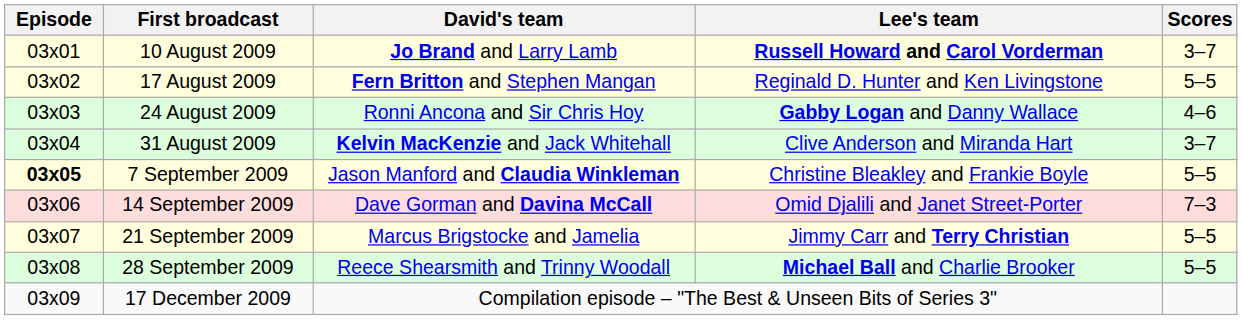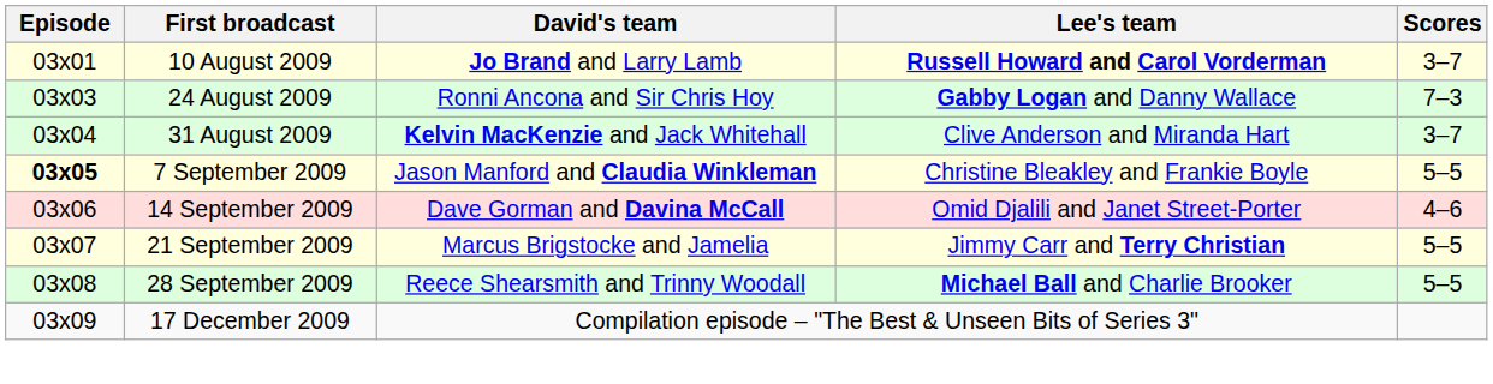 <table class="wikitable"  style="width:80%; left:0 auto; text-align:center;">
 <tr>
 <th style="width:8%;">Episode</th>
 <th style="width:17%;">First broadcast</th>
 <th style="width:31%;">David's team</th>
 <th style="width:38%;">Lee's team</th>
 <th style="width:6%;">Scores</th>
 </tr>
 <tr style="background:#ffd;">
 <td>03x01</td>
 <td>10 August 2009</td>
 <td><strong><a href='#'>Jo Brand</a></strong> and <a href='#'>Larry Lamb</a></td>
 <td><strong><a href='#'>Russell Howard</a> and <a href='#'>Carol Vorderman</a></strong></td>
 <td>3–7</td>
 </tr>
-<tr style="background:#ffd;">
-<td>03x02</td>
-<td>17 August 2009</td>
-<td><strong><a href='#'>Fern Britton</a></strong> and <a href='#'>Stephen Mangan</a></td>
-<td><a href='#'>Reginald D. Hunter</a> and <a href='#'>Ken Livingstone</a></td>
-<td>5–5</td>
-</tr>
 <tr style="background:#dfd;">
 <td>03x03</td>
 <td>24 August 2009</td>
 <td><a href='#'>Ronni Ancona</a> and <a href='#'>Sir Chris Hoy</a></td>
 <td><strong><a href='#'>Gabby Logan</a></strong> and <a href='#'>Danny Wallace</a></td>
-<td>4–6</td>
+<td>7–3</td>
 </tr>
 <tr style="background:#dfd;">
 <td>03x04</td>
 <td>31 August 2009</td>
 <td><strong><a href='#'>Kelvin MacKenzie</a></strong> and <a href='#'>Jack Whitehall</a></td>
 <td><a href='#'>Clive Anderson</a> and <a href='#'>Miranda Hart</a></td>
 <td>3–7</td>
 </tr>
 <tr style="background:#ffd;">
 <td><strong>03x05</strong></td>
 <td>7 September 2009</td>
 <td><a href='#'>Jason Manford</a> and <strong><a href='#'>Claudia Winkleman</a></strong></td>
 <td><a href='#'>Christine Bleakley</a> and <a href='#'>Frankie Boyle</a></td>
 <td>5–5</td>
 </tr>
 <tr style="background:#fdd;">
 <td>03x06</td>
 <td>14 September 2009</td>
 <td><a href='#'>Dave Gorman</a> and <strong><a href='#'>Davina McCall</a></strong></td>
 <td><a href='#'>Omid Djalili</a> and <a href='#'>Janet Street-Porter</a></td>
-<td>7–3</td>
+<td>4–6</td>
 </tr>
 <tr style="background:#ffd;">
 <td>03x07</td>
 <td>21 September 2009</td>
 <td><a href='#'>Marcus Brigstocke</a> and <a href='#'>Jamelia</a></td>
 <td><a href='#'>Jimmy Carr</a> and <strong><a href='#'>Terry Christian</a></strong></td>
 <td>5–5</td>
 </tr>
 <tr style="background:#dfd;">
 <td>03x08</td>
 <td>28 September 2009</td>
 <td><a href='#'>Reece Shearsmith</a> and <a href='#'>Trinny Woodall</a></td>
 <td><strong><a href='#'>Michael Ball</a></strong> and <a href='#'>Charlie Brooker</a></td>
 <td>5–5</td>
 </tr>
 <tr>
 <td>03x09</td>
 <td>17 December 2009</td>
 <td colspan="2">Compilation episode – "The Best & Unseen Bits of Series 3"</td>
 <td></td>
 </tr>
 </table>
